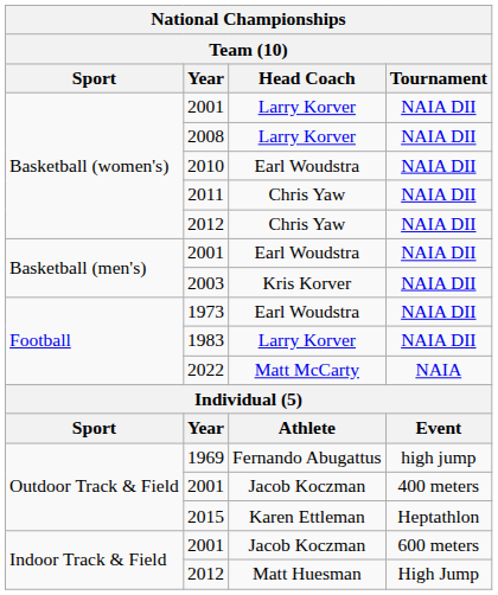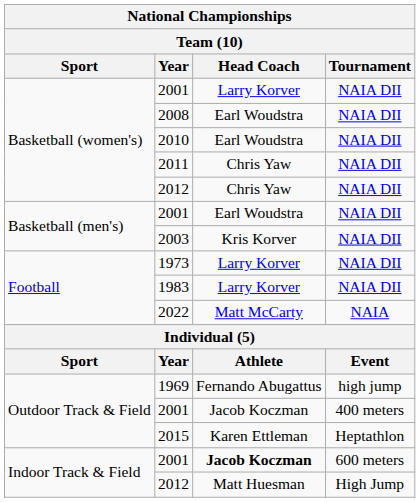 <table class="wikitable">
 <tr>
 <th colspan="4">National Championships</th>
 </tr>
 <tr>
 <th colspan="4">Team (10)</th>
 </tr>
 <tr>
 <th scope="col">Sport</th>
 <th scope="col">Year</th>
 <th scope="col">Head Coach</th>
 <th scope="col">Tournament</th>
 </tr>
 <tr>
 <td rowspan="5">Basketball (women's)</td>
 <td style="text-align: center;">2001</td>
 <td style="text-align: center;"><a href='#'>Larry Korver</a></td>
 <td style="text-align: center;"><a href='#'>NAIA DII</a></td>
 </tr>
 <tr>
 <td style="text-align: center;">2008</td>
-<td style="text-align: center;"><a href='#'>Larry Korver</a></td>
+<td style="text-align: center;">Earl Woudstra</td>
 <td style="text-align: center;"><a href='#'>NAIA DII</a></td>
 </tr>
 <tr>
 <td style="text-align: center;">2010</td>
 <td style="text-align: center;">Earl Woudstra</td>
 <td style="text-align: center;"><a href='#'>NAIA DII</a></td>
 </tr>
 <tr>
 <td style="text-align: center;">2011</td>
 <td style="text-align: center;">Chris Yaw</td>
 <td style="text-align: center;"><a href='#'>NAIA DII</a></td>
 </tr>
 <tr>
 <td style="text-align: center;">2012</td>
 <td style="text-align: center;">Chris Yaw</td>
 <td style="text-align: center;"><a href='#'>NAIA DII</a></td>
 </tr>
 <tr>
 <td rowspan="2">Basketball (men's)</td>
 <td style="text-align: center;">2001</td>
 <td style="text-align: center;">Earl Woudstra</td>
 <td style="text-align: center;"><a href='#'>NAIA DII</a></td>
 </tr>
 <tr>
 <td style="text-align: center;">2003</td>
 <td style="text-align: center;">Kris Korver</td>
 <td style="text-align: center;"><a href='#'>NAIA DII</a></td>
 </tr>
 <tr>
 <td rowspan="3"><a href='#'>Football</a></td>
 <td style="text-align: center;">1973</td>
-<td style="text-align: center;">Earl Woudstra</td>
+<td style="text-align: center;"><a href='#'>Larry Korver</a></td>
 <td style="text-align: center;"><a href='#'>NAIA DII</a></td>
 </tr>
 <tr>
 <td style="text-align: center;">1983</td>
 <td style="text-align: center;"><a href='#'>Larry Korver</a></td>
 <td style="text-align: center;"><a href='#'>NAIA DII</a></td>
 </tr>
 <tr>
 <td style="text-align: center;">2022</td>
 <td style="text-align: center;"><a href='#'>Matt McCarty</a></td>
 <td style="text-align: center;"><a href='#'>NAIA</a></td>
 </tr>
 <tr>
 <th colspan="4">Individual (5)</th>
 </tr>
 <tr>
 <th scope="col">Sport</th>
 <th scope="col">Year</th>
 <th scope="col">Athlete</th>
 <th scope="col">Event</th>
 </tr>
 <tr>
 <td rowspan="3">Outdoor Track & Field</td>
 <td style="text-align: center;">1969</td>
 <td style="text-align: center;">Fernando Abugattus</td>
 <td style="text-align: center;">high jump</td>
 </tr>
 <tr>
 <td style="text-align: center;">2001</td>
 <td style="text-align: center;">Jacob Koczman</td>
 <td style="text-align: center;">400 meters</td>
 </tr>
 <tr>
 <td style="text-align: center;">2015</td>
 <td style="text-align: center;">Karen Ettleman</td>
 <td style="text-align: center;">Heptathlon</td>
 </tr>
 <tr>
 <td rowspan="2">Indoor Track & Field</td>
 <td style="text-align: center;">2001</td>
-<td style="text-align: center;">Jacob Koczman</td>
+<td style="text-align: center;"><strong>Jacob Koczman</strong></td>
 <td style="text-align: center;">600 meters</td>
 </tr>
 <tr>
 <td style="text-align: center;">2012</td>
 <td style="text-align: center;">Matt Huesman</td>
 <td style="text-align: center;">High Jump</td>
 </tr>
 </table>
